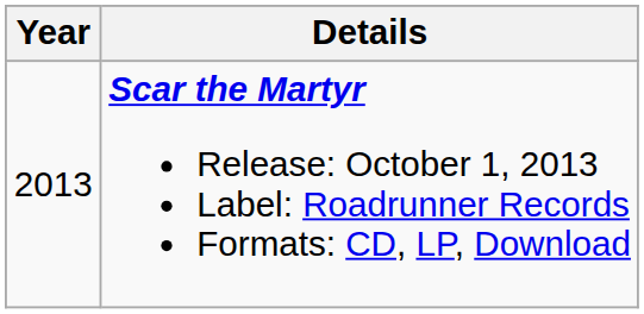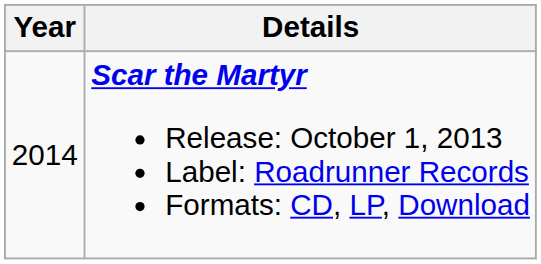 <table class="wikitable">
 <tr>
 <th>Year</th>
 <th>Details</th>
 </tr>
 <tr>
-<td>2013</td>
+<td>2014</td>
 <td><strong><em><a href='#'>Scar the Martyr</a></em></strong><br><ul><li>Release: October 1, 2013</li><li>Label: <a href='#'>Roadrunner Records</a></li><li>Formats: <a href='#'>CD</a>, <a href='#'>LP</a>, <a href='#'>Download</a></li></ul></td>
 </tr>
 </table>
